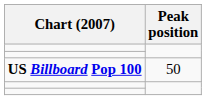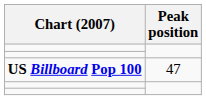 <table class="wikitable sortable">
 <tr>
 <th>Chart (2007)</th>
 <th align="center">Peak<br>position</th>
 </tr>
 <tr>
 <td></td>
 </tr>
 <tr>
 <td></td>
 </tr>
 <tr>
 <td><strong>US <em><a href='#'>Billboard</a></em> <a href='#'>Pop 100</a></strong></td>
-<td align="center">50</td>
+<td align="center">47</td>
 </tr>
 <tr>
 <td></td>
 </tr>
 <tr>
 <td></td>
 </tr>
 </table>
